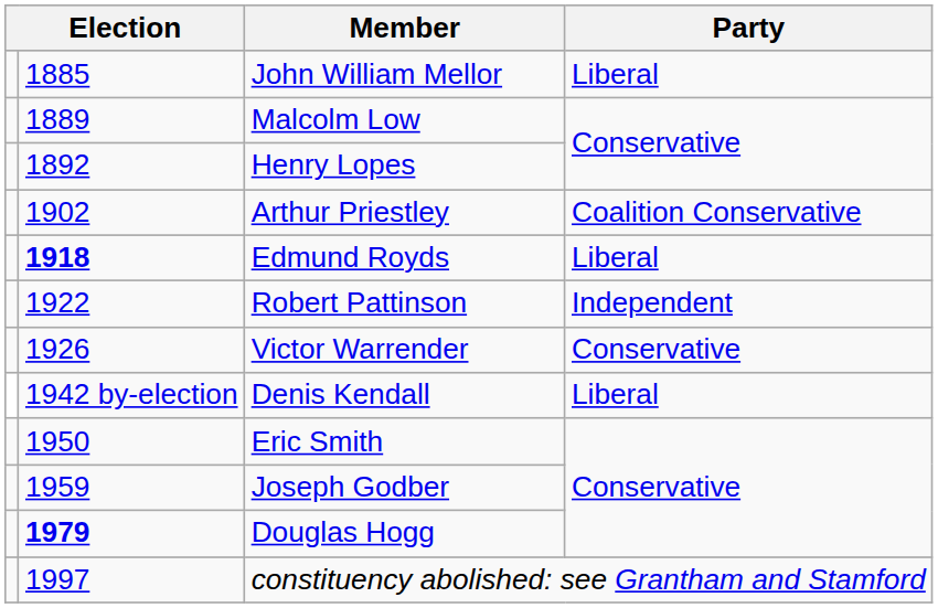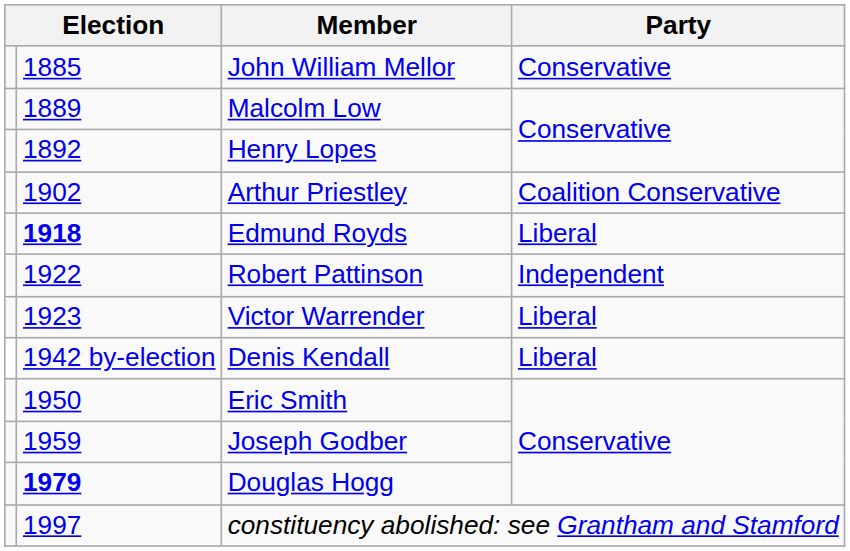 <table class="wikitable">
 <tr>
 <th colspan="2">Election</th>
 <th>Member</th>
 <th>Party</th>
 </tr>
 <tr>
 <td style="color:inherit;background-color: "></td>
 <td><a href='#'>1885</a></td>
 <td><a href='#'>John William Mellor</a></td>
-<td><a href='#'>Liberal</a></td>
+<td><a href='#'>Conservative</a></td>
 </tr>
 <tr>
 <td style="color:inherit;background-color: "></td>
 <td><a href='#'>1889</a></td>
 <td><a href='#'>Malcolm Low</a></td>
 <td rowspan="2"><a href='#'>Conservative</a></td>
 </tr>
 <tr>
 <td style="color:inherit;background-color: "></td>
 <td><a href='#'>1892</a></td>
 <td><a href='#'>Henry Lopes</a></td>
 </tr>
 <tr>
 <td style="color:inherit;background-color: "></td>
 <td><a href='#'>1902</a></td>
 <td><a href='#'>Arthur Priestley</a></td>
 <td><a href='#'>Coalition Conservative</a></td>
 </tr>
 <tr>
 <td style="color:inherit;background-color: "></td>
 <td><strong><a href='#'>1918</a></strong></td>
 <td><a href='#'>Edmund Royds</a></td>
 <td><a href='#'>Liberal</a></td>
 </tr>
 <tr>
 <td style="color:inherit;background-color: "></td>
 <td><a href='#'>1922</a></td>
 <td><a href='#'>Robert Pattinson</a></td>
 <td><a href='#'>Independent</a></td>
 </tr>
 <tr>
 <td style="color:inherit;background-color: "></td>
-<td><a href='#'>1926</a></td>
+<td><a href='#'>1923</a></td>
 <td><a href='#'>Victor Warrender</a></td>
-<td><a href='#'>Conservative</a></td>
+<td><a href='#'>Liberal</a></td>
 </tr>
 <tr>
 <td style="color:inherit;background-color: white"></td>
 <td><a href='#'>1942 by-election</a></td>
 <td><a href='#'>Denis Kendall</a></td>
 <td><a href='#'>Liberal</a></td>
 </tr>
 <tr>
 <td style="color:inherit;background-color: "></td>
 <td><a href='#'>1950</a></td>
 <td><a href='#'>Eric Smith</a></td>
 <td rowspan="3"><a href='#'>Conservative</a></td>
 </tr>
 <tr>
 <td style="color:inherit;background-color: "></td>
 <td><a href='#'>1959</a></td>
 <td><a href='#'>Joseph Godber</a></td>
 </tr>
 <tr>
 <td style="color:inherit;background-color: "></td>
 <td><strong><a href='#'>1979</a></strong></td>
 <td><a href='#'>Douglas Hogg</a></td>
 </tr>
 <tr>
 <td></td>
 <td><a href='#'>1997</a></td>
 <td colspan="2"><em>constituency abolished: see <a href='#'>Grantham and Stamford</a></em></td>
 </tr>
 </table>
